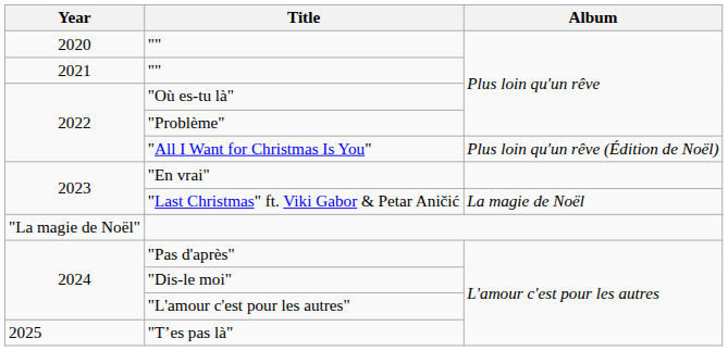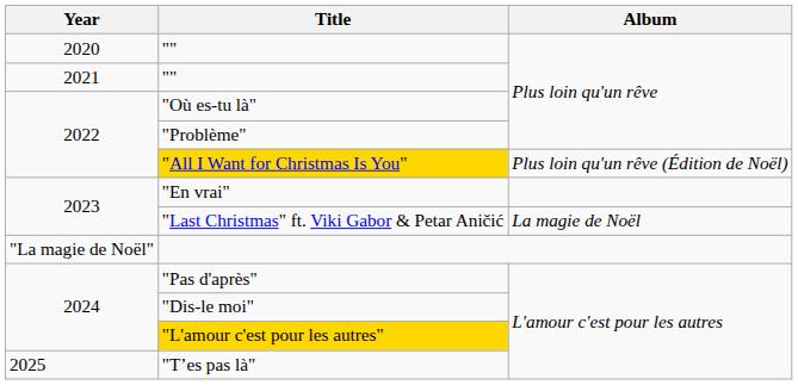 <table class="wikitable">
 <tr>
 <th>Year</th>
 <th>Title</th>
 <th>Album</th>
 </tr>
 <tr>
 <td align="center" rowspan="1">2020</td>
 <td>""</td>
 <td rowspan="4"><em>Plus loin qu'un rêve</em></td>
 </tr>
 <tr>
 <td align="center" rowspan="1">2021</td>
 <td>""</td>
 </tr>
 <tr>
 <td rowspan="3" align="center">2022</td>
 <td>"Où es-tu là"</td>
 </tr>
 <tr>
 <td>"Problème"</td>
 </tr>
 <tr>
-<td>"<a href='#'>All I Want for Christmas Is You</a>"</td>
+<td style="background: gold;">"<a href='#'>All I Want for Christmas Is You</a>"</td>
 <td><em>Plus loin qu'un rêve (Édition de Noël)</em></td>
 </tr>
 <tr>
 <td rowspan="3" align="center">2023</td>
 <td>"En vrai"</td>
 <td></td>
 </tr>
 <tr>
 <td>"<a href='#'>Last Christmas</a>" ft. <a href='#'>Viki Gabor</a> & Petar Aničić</td>
 <td rowspan="2"><em>La magie de Noël</em></td>
 </tr>
 <tr>
 </tr>
 <tr>
 <td>"La magie de Noël"</td>
 </tr>
 <tr>
 <td rowspan="3" align="center">2024</td>
 <td>"Pas d'après"</td>
 <td rowspan="4"><em>L'amour c'est pour les autres</em></td>
 </tr>
 <tr>
 <td>"Dis-le moi"</td>
 </tr>
 <tr>
-<td>"L'amour c'est pour les autres"</td>
+<td style="background: gold;">"L'amour c'est pour les autres"</td>
 </tr>
 <tr>
 <td>2025</td>
 <td>"T’es pas là"</td>
 </tr>
 </table>
